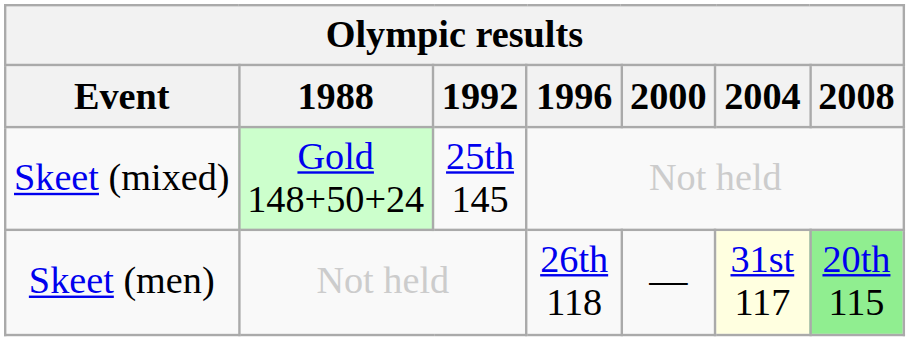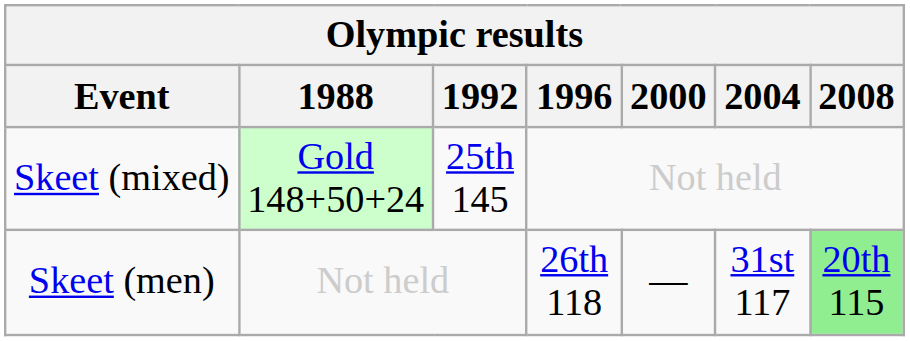 <table class="wikitable" style="text-align: center">
 <tr>
 <th colspan=7>Olympic results</th>
 </tr>
 <tr>
 <th>Event</th>
 <th>1988</th>
 <th>1992</th>
 <th>1996</th>
 <th>2000</th>
 <th>2004</th>
 <th>2008</th>
 </tr>
 <tr>
 <td><a href='#'>Skeet</a> (mixed)</td>
 <td style="background: #ccffcc"> <a href='#'>Gold</a><br>148+50+24</td>
 <td><a href='#'>25th</a><br>145</td>
 <td colspan=4 style="color: #cccccc">Not held</td>
 </tr>
 <tr>
 <td><a href='#'>Skeet</a> (men)</td>
 <td colspan=2 style="color: #cccccc">Not held</td>
 <td><a href='#'>26th</a><br>118</td>
 <td>—</td>
-<td style="background: lightyellow;"><a href='#'>31st</a><br>117</td>
+<td><a href='#'>31st</a><br>117</td>
 <td style="background: lightgreen;"><a href='#'>20th</a><br>115</td>
 </tr>
 </table>
